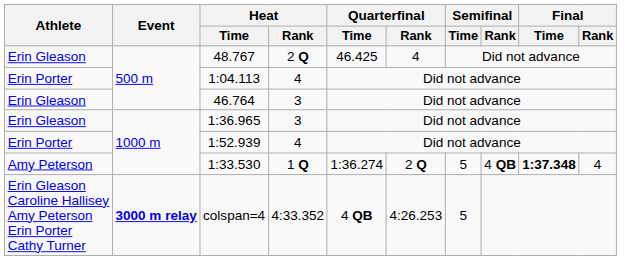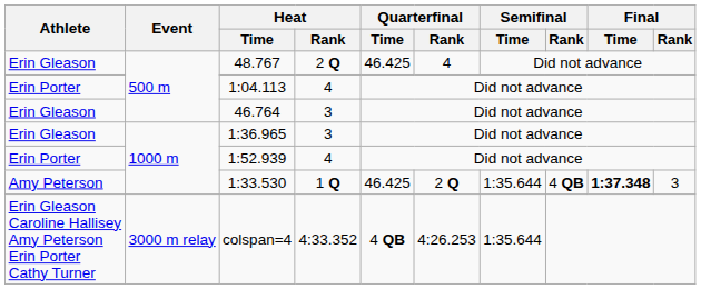 <table class=wikitable style=font-size:90%;text-align:center>
 <tr>
 <th rowspan=2>Athlete</th>
 <th rowspan=2>Event</th>
 <th colspan=2>Heat</th>
 <th colspan=2>Quarterfinal</th>
 <th colspan=2>Semifinal</th>
 <th colspan=2>Final</th>
 </tr>
 <tr style=font-size:95%>
 <th>Time</th>
 <th>Rank</th>
 <th>Time</th>
 <th>Rank</th>
 <th>Time</th>
 <th>Rank</th>
 <th>Time</th>
 <th>Rank</th>
 </tr>
 <tr>
 <td align=left><a href='#'>Erin Gleason</a></td>
 <td align=left rowspan=3><a href='#'>500 m</a></td>
 <td>48.767</td>
 <td>2 <strong>Q</strong></td>
 <td>46.425</td>
 <td>4</td>
 <td colspan=4>Did not advance</td>
 </tr>
 <tr>
 <td align=left><a href='#'>Erin Porter</a></td>
 <td>1:04.113</td>
 <td>4</td>
 <td colspan=6>Did not advance</td>
 </tr>
 <tr>
 <td align=left><a href='#'>Erin Gleason</a></td>
 <td>46.764</td>
 <td>3</td>
 <td colspan=6>Did not advance</td>
 </tr>
 <tr>
 <td align=left><a href='#'>Erin Gleason</a></td>
 <td align=left rowspan=3><a href='#'>1000 m</a></td>
 <td>1:36.965</td>
 <td>3</td>
 <td colspan=6>Did not advance</td>
 </tr>
 <tr>
 <td align=left><a href='#'>Erin Porter</a></td>
 <td>1:52.939</td>
 <td>4</td>
 <td colspan=6>Did not advance</td>
 </tr>
 <tr>
 <td align=left><a href='#'>Amy Peterson</a></td>
 <td>1:33.530</td>
 <td>1 <strong>Q</strong></td>
-<td>1:36.274</td>
+<td>46.425</td>
 <td>2 <strong>Q</strong></td>
-<td>5</td>
+<td>1:35.644</td>
 <td>4 <strong>QB</strong></td>
 <td><strong>1:37.348</strong></td>
-<td>4</td>
+<td>3</td>
 </tr>
 <tr>
 <td align=left><a href='#'>Erin Gleason</a><br><a href='#'>Caroline Hallisey</a><br><a href='#'>Amy Peterson</a><br><a href='#'>Erin Porter</a><br><a href='#'>Cathy Turner</a></td>
-<td align=left><strong><a href='#'>3000 m relay</a></strong></td>
+<td align=left><a href='#'>3000 m relay</a></td>
 <td>colspan=4 </td>
 <td>4:33.352</td>
 <td>4 <strong>QB</strong></td>
 <td>4:26.253</td>
-<td>5</td>
+<td>1:35.644</td>
 </tr>
 </table>
